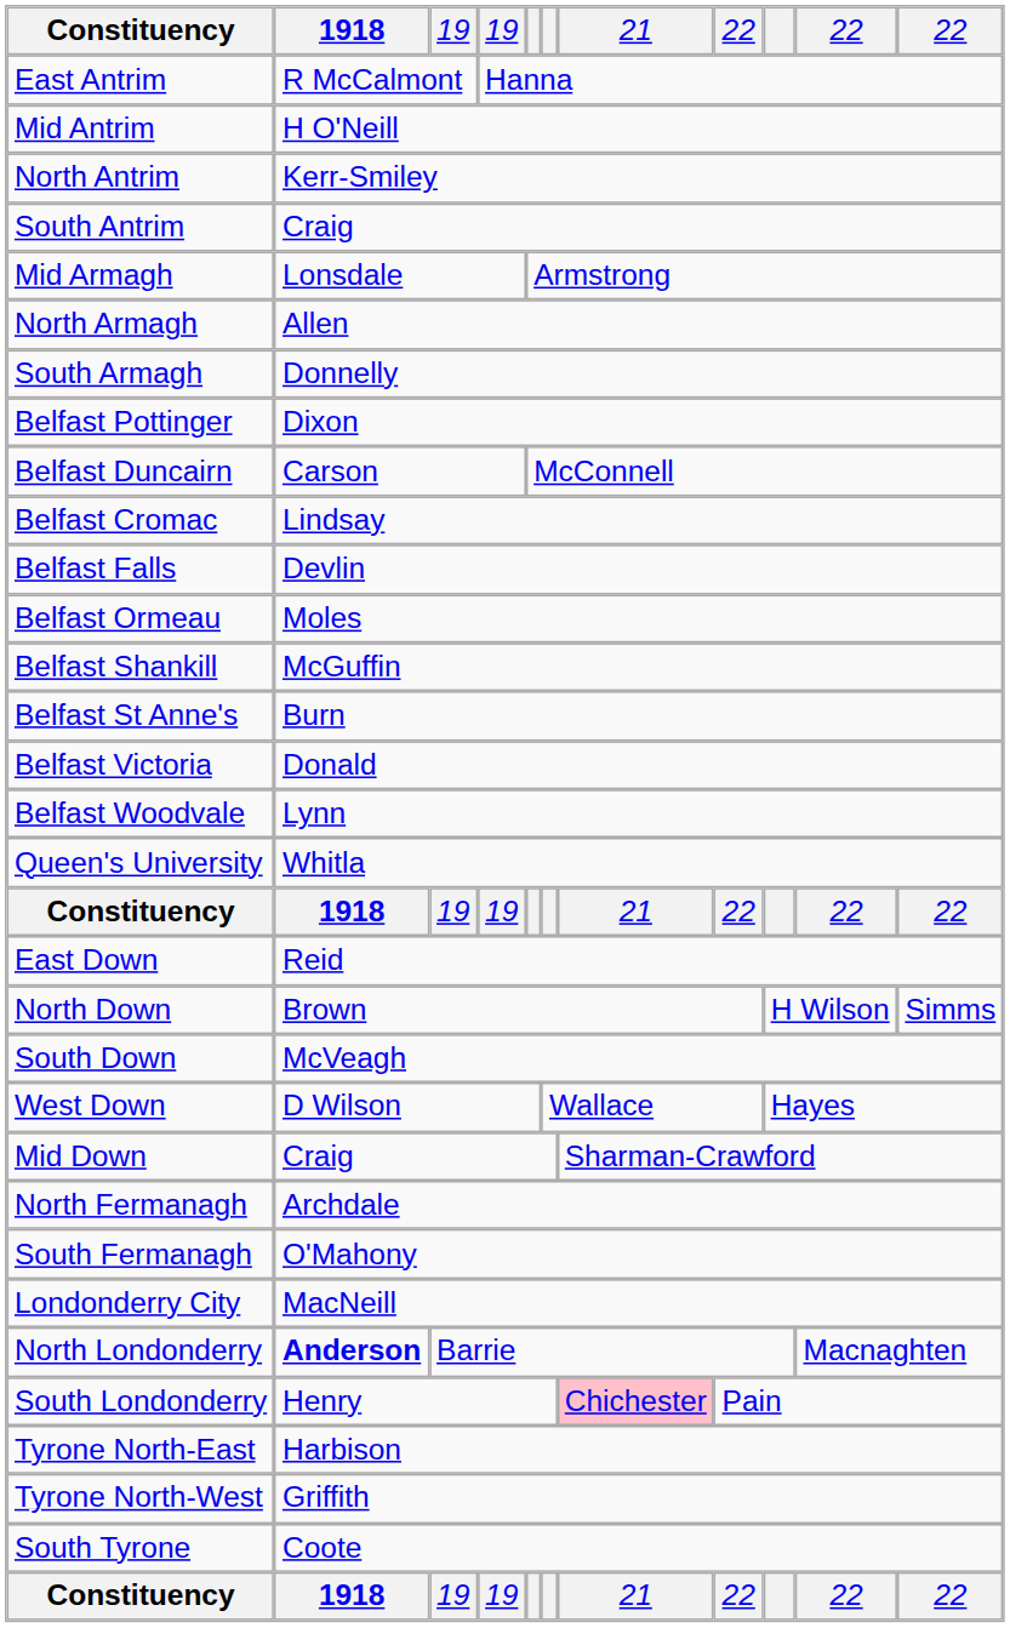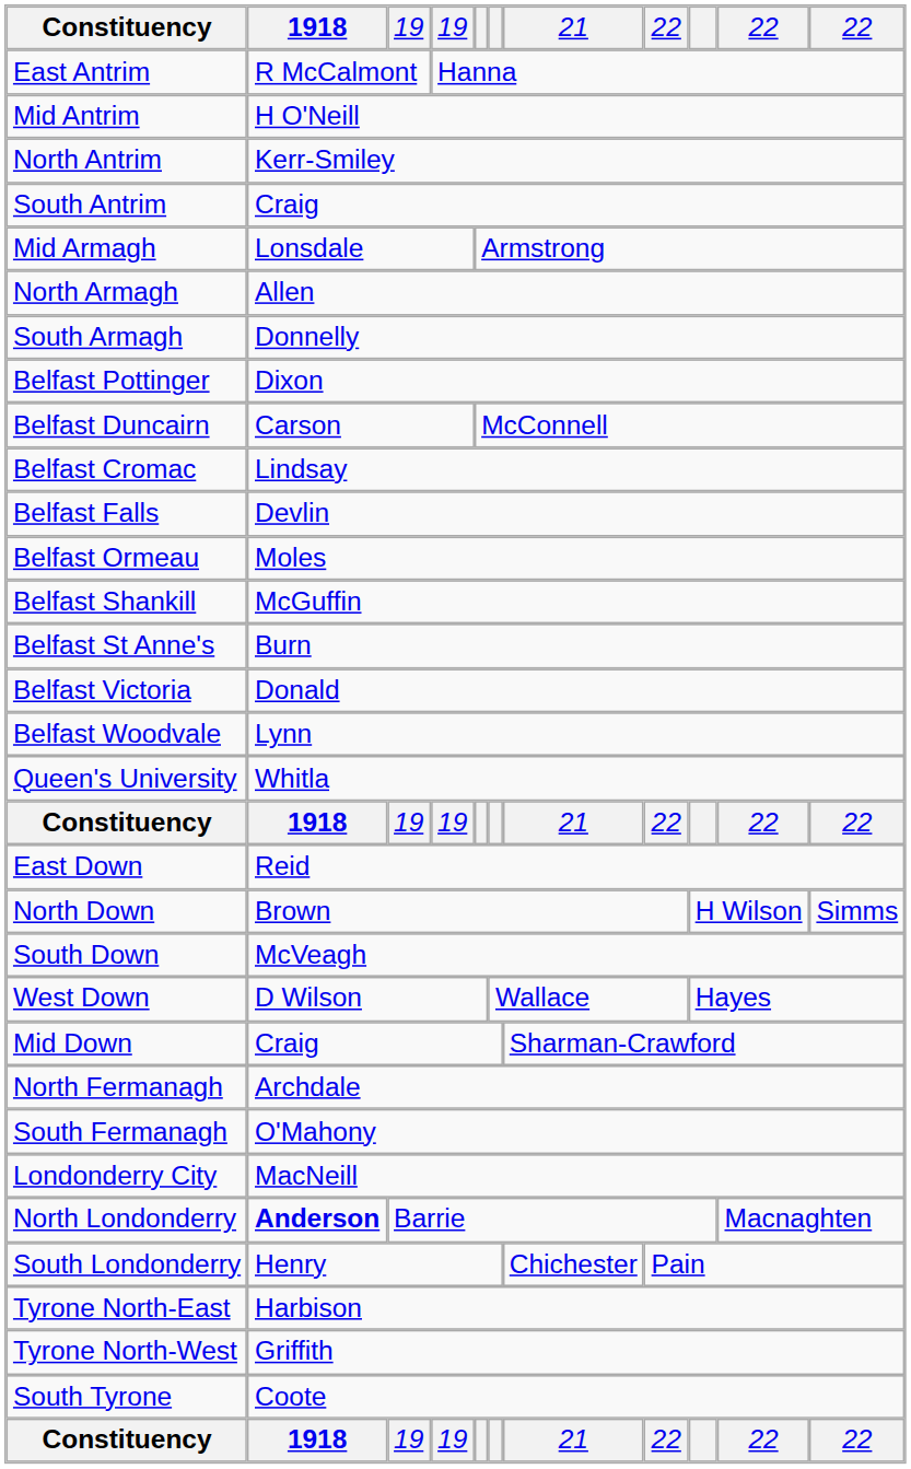 <table class="wikitable" style="border-collapse: separate; border-spacing: 0;">
 <tr>
 <th>Constituency</th>
 <th><a href='#'>1918</a></th>
 <th style="font-weight: normal;"><em><a href='#'>19</a></em></th>
 <th style="font-weight: normal;"><em><a href='#'>19</a></em></th>
 <th style="font-weight: normal;"><em></em></th>
 <th style="font-weight: normal;"><em></em></th>
 <th style="font-weight: normal;"><em><a href='#'>21</a></em></th>
 <th style="font-weight: normal;"><em><a href='#'>22</a></em></th>
 <th style="font-weight: normal;"><em></em></th>
 <th style="font-weight: normal;"><em><a href='#'>22</a></em></th>
 <th style="font-weight: normal;"><em><a href='#'>22</a></em></th>
 </tr>
 <tr>
 <td><a href='#'>East Antrim</a></td>
 <td colspan="2"><a href='#'>R McCalmont</a></td>
 <td colspan="8"><a href='#'>Hanna</a></td>
 </tr>
 <tr>
 <td><a href='#'>Mid Antrim</a></td>
 <td colspan="10"><a href='#'>H O'Neill</a></td>
 </tr>
 <tr>
 <td><a href='#'>North Antrim</a></td>
 <td colspan="10"><a href='#'>Kerr-Smiley</a></td>
 </tr>
 <tr>
 <td><a href='#'>South Antrim</a></td>
 <td colspan="10"><a href='#'>Craig</a></td>
 </tr>
 <tr>
 <td><a href='#'>Mid Armagh</a></td>
 <td colspan="3"><a href='#'>Lonsdale</a></td>
 <td colspan="7"><a href='#'>Armstrong</a></td>
 </tr>
 <tr>
 <td><a href='#'>North Armagh</a></td>
 <td colspan="10"><a href='#'>Allen</a></td>
 </tr>
 <tr>
 <td><a href='#'>South Armagh</a></td>
 <td colspan="10"><a href='#'>Donnelly</a></td>
 </tr>
 <tr>
 <td><a href='#'>Belfast Pottinger</a></td>
 <td colspan="10"><a href='#'>Dixon</a></td>
 </tr>
 <tr>
 <td><a href='#'>Belfast Duncairn</a></td>
 <td colspan="3"><a href='#'>Carson</a></td>
 <td colspan="7"><a href='#'>McConnell</a></td>
 </tr>
 <tr>
 <td><a href='#'>Belfast Cromac</a></td>
 <td colspan="10"><a href='#'>Lindsay</a></td>
 </tr>
 <tr>
 <td><a href='#'>Belfast Falls</a></td>
 <td colspan="10"><a href='#'>Devlin</a></td>
 </tr>
 <tr>
 <td><a href='#'>Belfast Ormeau</a></td>
 <td colspan="10"><a href='#'>Moles</a></td>
 </tr>
 <tr>
 <td><a href='#'>Belfast Shankill</a></td>
 <td colspan="10"><a href='#'>McGuffin</a></td>
 </tr>
 <tr>
 <td><a href='#'>Belfast St Anne's</a></td>
 <td colspan="10"><a href='#'>Burn</a></td>
 </tr>
 <tr>
 <td><a href='#'>Belfast Victoria</a></td>
 <td colspan="10"><a href='#'>Donald</a></td>
 </tr>
 <tr>
 <td><a href='#'>Belfast Woodvale</a></td>
 <td colspan="10"><a href='#'>Lynn</a></td>
 </tr>
 <tr>
 <td><a href='#'>Queen's University</a></td>
 <td colspan="10"><a href='#'>Whitla</a></td>
 </tr>
 <tr>
 <th>Constituency</th>
 <th><a href='#'>1918</a></th>
 <th style="font-weight: normal;"><em><a href='#'>19</a></em></th>
 <th style="font-weight: normal;"><em><a href='#'>19</a></em></th>
 <th style="font-weight: normal;"><em></em></th>
 <th style="font-weight: normal;"><em></em></th>
 <th style="font-weight: normal;"><em><a href='#'>21</a></em></th>
 <th style="font-weight: normal;"><em><a href='#'>22</a></em></th>
 <th style="font-weight: normal;"><em></em></th>
 <th style="font-weight: normal;"><em><a href='#'>22</a></em></th>
 <th style="font-weight: normal;"><em><a href='#'>22</a></em></th>
 </tr>
 <tr>
 <td><a href='#'>East Down</a></td>
 <td colspan="10"><a href='#'>Reid</a></td>
 </tr>
 <tr>
 <td><a href='#'>North Down</a></td>
 <td colspan="7"><a href='#'>Brown</a></td>
 <td colspan="2"><a href='#'>H Wilson</a></td>
 <td><a href='#'>Simms</a></td>
 </tr>
 <tr>
 <td><a href='#'>South Down</a></td>
 <td colspan="10"><a href='#'>McVeagh</a></td>
 </tr>
 <tr>
 <td><a href='#'>West Down</a></td>
 <td colspan="4"><a href='#'>D Wilson</a></td>
 <td colspan="3"><a href='#'>Wallace</a></td>
 <td colspan="3"><a href='#'>Hayes</a></td>
 </tr>
 <tr>
 <td><a href='#'>Mid Down</a></td>
 <td colspan="5"><a href='#'>Craig</a></td>
 <td colspan="6"><a href='#'>Sharman-Crawford</a></td>
 </tr>
 <tr>
 <td><a href='#'>North Fermanagh</a></td>
 <td colspan="10"><a href='#'>Archdale</a></td>
 </tr>
 <tr>
 <td><a href='#'>South Fermanagh</a></td>
 <td colspan="10"><a href='#'>O'Μahony</a></td>
 </tr>
 <tr>
 <td><a href='#'>Londonderry City</a></td>
 <td colspan="10"><a href='#'>MacNeill</a></td>
 </tr>
 <tr>
 <td><a href='#'>North Londonderry</a></td>
 <td><strong><a href='#'>Anderson</a></strong></td>
 <td colspan="7"><a href='#'>Barrie</a></td>
 <td colspan="2"><a href='#'>Macnaghten</a></td>
 </tr>
 <tr>
 <td><a href='#'>South Londonderry</a></td>
 <td colspan="5"><a href='#'>Henry</a></td>
-<td style="background: pink;"><a href='#'>Chichester</a></td>
+<td><a href='#'>Chichester</a></td>
 <td colspan="4"><a href='#'>Pain</a></td>
 </tr>
 <tr>
 <td><a href='#'>Tyrone North-East</a></td>
 <td colspan="10"><a href='#'>Harbison</a></td>
 </tr>
 <tr>
 <td><a href='#'>Tyrone North-West</a></td>
 <td colspan="10"><a href='#'>Griffith</a></td>
 </tr>
 <tr>
 <td><a href='#'>South Tyrone</a></td>
 <td colspan="10"><a href='#'>Coote</a></td>
 </tr>
 <tr>
 <th>Constituency</th>
 <th><a href='#'>1918</a></th>
 <th style="font-weight: normal;"><em><a href='#'>19</a></em></th>
 <th style="font-weight: normal;"><em><a href='#'>19</a></em></th>
 <th style="font-weight: normal;"><em></em></th>
 <th style="font-weight: normal;"><em></em></th>
 <th style="font-weight: normal;"><em><a href='#'>21</a></em></th>
 <th style="font-weight: normal;"><em><a href='#'>22</a></em></th>
 <th style="font-weight: normal;"><em></em></th>
 <th style="font-weight: normal;"><em><a href='#'>22</a></em></th>
 <th style="font-weight: normal;"><em><a href='#'>22</a></em></th>
 </tr>
 </table>
